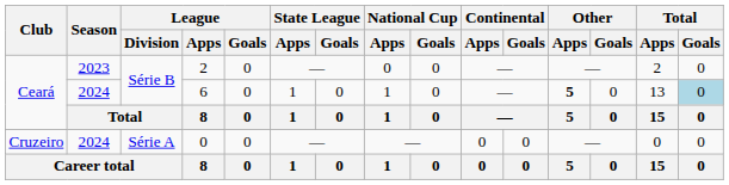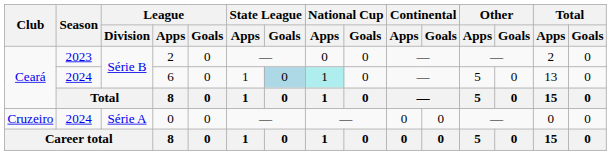 <table class="wikitable" style="text-align:center">
 <tr>
 <th rowspan="2">Club</th>
 <th rowspan="2">Season</th>
 <th colspan="3">League</th>
 <th colspan="2">State League</th>
 <th colspan="2">National Cup</th>
 <th colspan="2">Continental</th>
 <th colspan="2">Other</th>
 <th colspan="2">Total</th>
 </tr>
 <tr>
 <th>Division</th>
 <th>Apps</th>
 <th>Goals</th>
 <th>Apps</th>
 <th>Goals</th>
 <th>Apps</th>
 <th>Goals</th>
 <th>Apps</th>
 <th>Goals</th>
 <th>Apps</th>
 <th>Goals</th>
 <th>Apps</th>
 <th>Goals</th>
 </tr>
 <tr>
 <td rowspan="3"><a href='#'>Ceará</a></td>
 <td><a href='#'>2023</a></td>
 <td rowspan="2"><a href='#'>Série B</a></td>
 <td>2</td>
 <td>0</td>
 <td colspan="2">—</td>
 <td>0</td>
 <td>0</td>
 <td colspan="2">—</td>
 <td colspan="2">—</td>
 <td>2</td>
 <td>0</td>
 </tr>
 <tr>
 <td><a href='#'>2024</a></td>
 <td>6</td>
 <td>0</td>
 <td>1</td>
-<td>0</td>
-<td>1</td>
+<td style="background: lightblue;">0</td>
+<td style="background: paleturquoise;">1</td>
 <td>0</td>
 <td colspan="2">—</td>
-<td><strong>5</strong></td>
+<td>5</td>
 <td>0</td>
 <td>13</td>
-<td style="background: lightblue;">0</td>
+<td>0</td>
 </tr>
 <tr>
 <th colspan="2">Total</th>
 <th>8</th>
 <th>0</th>
 <th>1</th>
 <th>0</th>
 <th>1</th>
 <th>0</th>
 <th colspan="2">—</th>
 <th>5</th>
 <th>0</th>
 <th>15</th>
 <th>0</th>
 </tr>
 <tr>
 <td><a href='#'>Cruzeiro</a></td>
 <td><a href='#'>2024</a></td>
 <td><a href='#'>Série A</a></td>
 <td>0</td>
 <td>0</td>
 <td colspan="2">—</td>
 <td colspan="2">—</td>
 <td>0</td>
 <td>0</td>
 <td colspan="2">—</td>
 <td>0</td>
 <td>0</td>
 </tr>
 <tr>
 <th colspan="3">Career total</th>
 <th>8</th>
 <th>0</th>
 <th>1</th>
 <th>0</th>
 <th>1</th>
 <th>0</th>
 <th>0</th>
 <th>0</th>
 <th>5</th>
 <th>0</th>
 <th>15</th>
 <th>0</th>
 </tr>
 </table>
